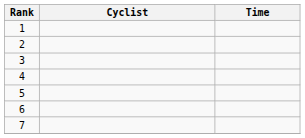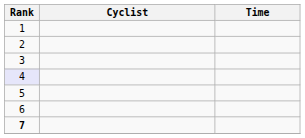 <table class="wikitable" style="width:30em;margin-bottom:0;">
 <tr>
 <th>Rank</th>
 <th>Cyclist</th>
 <th>Time</th>
 </tr>
 <tr>
 <td style="width:40px; text-align:center;">1</td>
 <td style="width:225px;"></td>
 <td align="right"></td>
 </tr>
 <tr>
 <td style="text-align:center;">2</td>
 <td></td>
 <td align="right"></td>
 </tr>
 <tr>
 <td style="text-align:center;">3</td>
 <td></td>
 <td align="right"></td>
 </tr>
 <tr>
-<td style="text-align:center;">4</td>
+<td style="background: lavender; text-align:center;">4</td>
 <td></td>
 <td align="right"></td>
 </tr>
 <tr>
 <td style="text-align:center;">5</td>
 <td></td>
 <td align="right"></td>
 </tr>
 <tr>
 <td style="text-align:center;">6</td>
 <td></td>
 <td align="right"></td>
 </tr>
 <tr>
-<td style="text-align:center;">7</td>
+<td style="text-align:center;"><strong>7</strong></td>
 <td></td>
 <td align="right"></td>
 </tr>
 <tr>
 </tr>
 </table>
